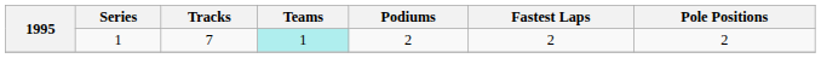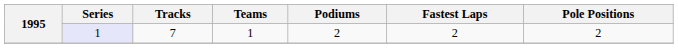 <table class="wikitable" width="881px">
 <tr>
 <th scope="col" rowspan="2">1995</th>
 <th scope="col">Series</th>
 <th scope="col">Tracks</th>
 <th scope="col">Teams</th>
 <th scope="col">Podiums</th>
 <th scope="col">Fastest Laps</th>
 <th scope="col">Pole Positions</th>
 </tr>
 <tr>
+<td style="background: lavender; text-align:center">1</td>
+<td style="text-align:center">7</td>
 <td style="text-align:center">1</td>
-<td style="text-align:center">7</td>
-<td style="background: paleturquoise; text-align:center">1</td>
 <td style="text-align:center">2</td>
 <td style="text-align:center">2</td>
 <td style="text-align:center">2</td>
 </tr>
 <tr>
 </tr>
 </table>
